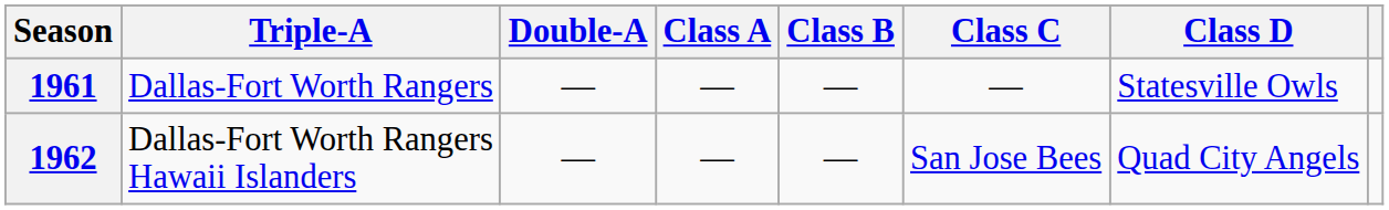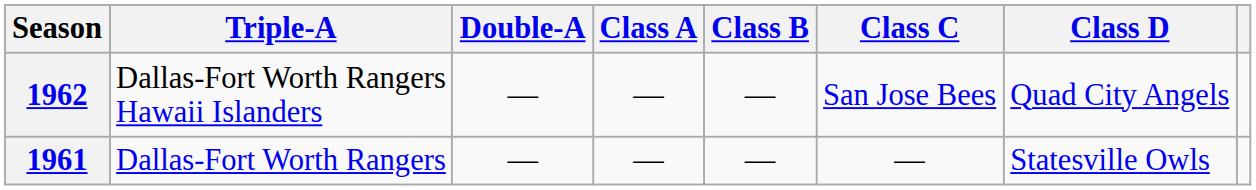 <table class="wikitable plainrowheaders">
 <tr>
 <th scope="col">Season</th>
 <th scope="col"><a href='#'><span>Triple-A</span></a></th>
 <th scope="col"><a href='#'><span>Double-A</span></a></th>
 <th scope="col"><a href='#'><span>Class A</span></a></th>
 <th scope="col"><a href='#'><span>Class B</span></a></th>
 <th scope="col"><a href='#'><span>Class C</span></a></th>
 <th scope="col"><a href='#'><span>Class D</span></a></th>
 <th scope="col"></th>
 </tr>
 <tr>
+<th scope="row" style="text-align:center"><a href='#'>1962</a></th>
+<td>Dallas-Fort Worth Rangers<br><a href='#'>Hawaii Islanders</a></td>
+<td align="center">—</td>
+<td align="center">—</td>
+<td align="center">—</td>
+<td><a href='#'>San Jose Bees</a></td>
+<td><a href='#'>Quad City Angels</a></td>
+<td align="center"></td>
+</tr>
+<tr>
 <th scope="row" style="text-align:center"><a href='#'>1961</a></th>
 <td><a href='#'>Dallas-Fort Worth Rangers</a></td>
 <td align="center">—</td>
 <td align="center">—</td>
 <td align="center">—</td>
 <td align="center">—</td>
 <td><a href='#'>Statesville Owls</a></td>
 <td align="center"></td>
 </tr>
-<tr>
-<th scope="row" style="text-align:center"><a href='#'>1962</a></th>
-<td>Dallas-Fort Worth Rangers<br><a href='#'>Hawaii Islanders</a></td>
-<td align="center">—</td>
-<td align="center">—</td>
-<td align="center">—</td>
-<td><a href='#'>San Jose Bees</a></td>
-<td><a href='#'>Quad City Angels</a></td>
-<td align="center"></td>
-</tr>
 </table>
